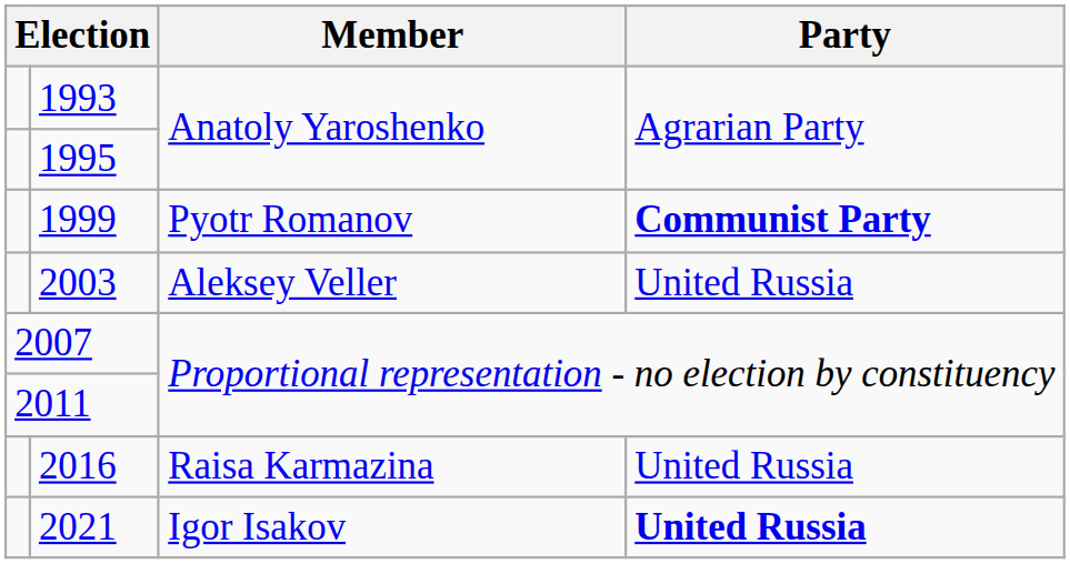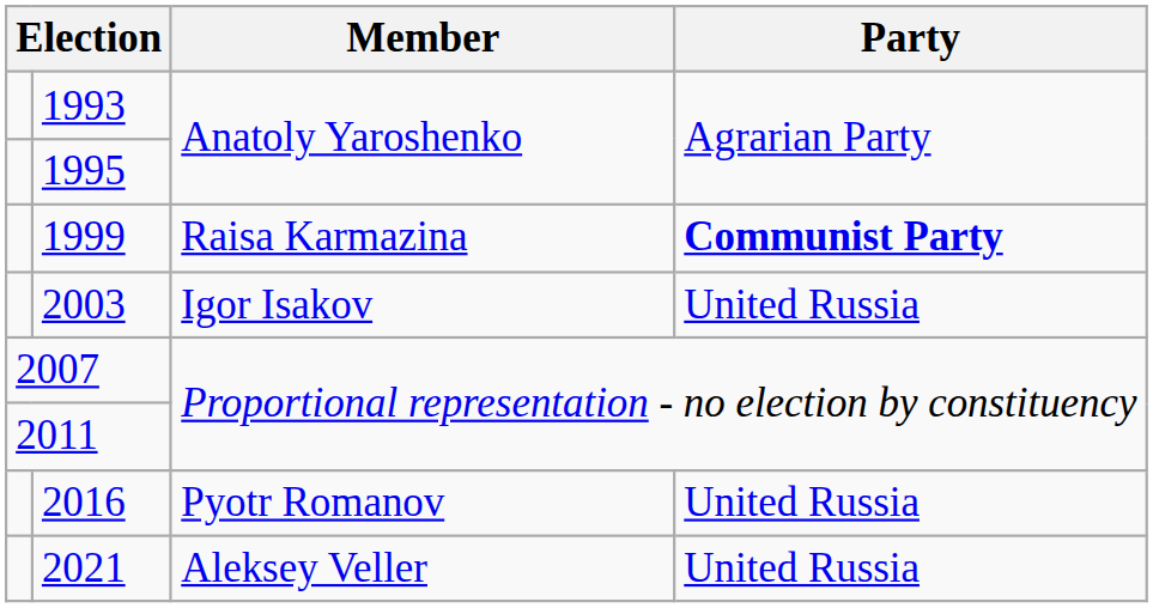 <table class="wikitable">
 <tr>
 <th colspan="2">Election</th>
 <th>Member</th>
 <th>Party</th>
 </tr>
 <tr>
 <td style="background-color:"></td>
 <td><a href='#'>1993</a></td>
 <td rowspan=2><a href='#'>Anatoly Yaroshenko</a></td>
 <td rowspan=2><a href='#'>Agrarian Party</a></td>
 </tr>
 <tr>
 <td style="background-color:"></td>
 <td><a href='#'>1995</a></td>
 </tr>
 <tr>
 <td style="background-color:"></td>
 <td><a href='#'>1999</a></td>
-<td><a href='#'>Pyotr Romanov</a></td>
+<td><a href='#'>Raisa Karmazina</a></td>
 <td><strong><a href='#'>Communist Party</a></strong></td>
 </tr>
 <tr>
 <td style="background-color:"></td>
 <td><a href='#'>2003</a></td>
-<td><a href='#'>Aleksey Veller</a></td>
+<td><a href='#'>Igor Isakov</a></td>
 <td><a href='#'>United Russia</a></td>
 </tr>
 <tr>
 <td colspan=2><a href='#'>2007</a></td>
 <td colspan=2 rowspan=2><em><a href='#'>Proportional representation</a> - no election by constituency</em></td>
 </tr>
 <tr>
 <td colspan=2><a href='#'>2011</a></td>
 </tr>
 <tr>
 <td style="background-color: "></td>
 <td><a href='#'>2016</a></td>
-<td><a href='#'>Raisa Karmazina</a></td>
+<td><a href='#'>Pyotr Romanov</a></td>
 <td><a href='#'>United Russia</a></td>
 </tr>
 <tr>
 <td style="background-color: "></td>
 <td><a href='#'>2021</a></td>
-<td><a href='#'>Igor Isakov</a></td>
-<td><strong><a href='#'>United Russia</a></strong></td>
+<td><a href='#'>Aleksey Veller</a></td>
+<td><a href='#'>United Russia</a></td>
 </tr>
 </table>
